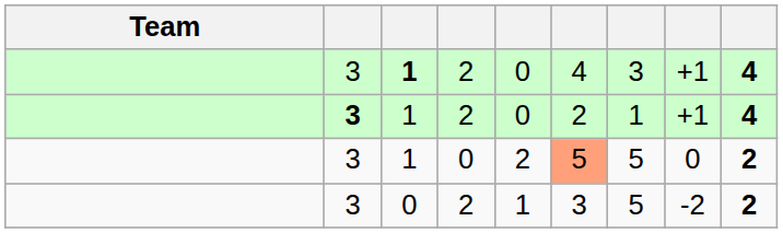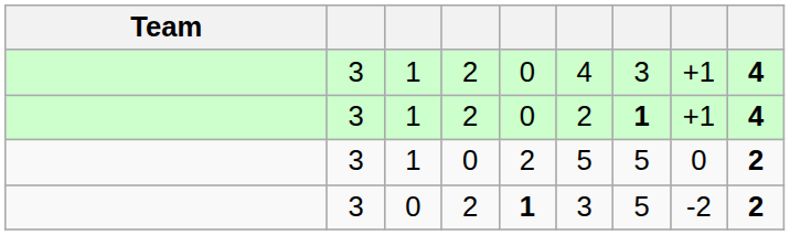 <table class="wikitable" style="text-align: center;">
 <tr>
 <th width=175>Team</th>
 <th width=25></th>
 <th width=25></th>
 <th width=25></th>
 <th width=25></th>
 <th width=25></th>
 <th width=25></th>
 <th width=25></th>
 <th width=25></th>
 </tr>
 <tr bgcolor=ccffcc>
 <td style="text-align:left;"></td>
 <td>3</td>
-<td><strong>1</strong></td>
+<td>1</td>
 <td>2</td>
 <td>0</td>
 <td>4</td>
 <td>3</td>
 <td>+1</td>
 <td><strong>4</strong></td>
 </tr>
 <tr bgcolor=ccffcc>
 <td style="text-align:left;"></td>
-<td><strong>3</strong></td>
+<td>3</td>
 <td>1</td>
 <td>2</td>
 <td>0</td>
 <td>2</td>
-<td>1</td>
+<td><strong>1</strong></td>
 <td>+1</td>
 <td><strong>4</strong></td>
 </tr>
 <tr>
 <td style="text-align:left;"></td>
 <td>3</td>
 <td>1</td>
 <td>0</td>
 <td>2</td>
-<td style="background: lightsalmon;">5</td>
+<td>5</td>
 <td>5</td>
 <td>0</td>
 <td><strong>2</strong></td>
 </tr>
 <tr>
 <td style="text-align:left;"></td>
 <td>3</td>
 <td>0</td>
 <td>2</td>
-<td>1</td>
+<td><strong>1</strong></td>
 <td>3</td>
 <td>5</td>
 <td>-2</td>
 <td><strong>2</strong></td>
 </tr>
 </table>
